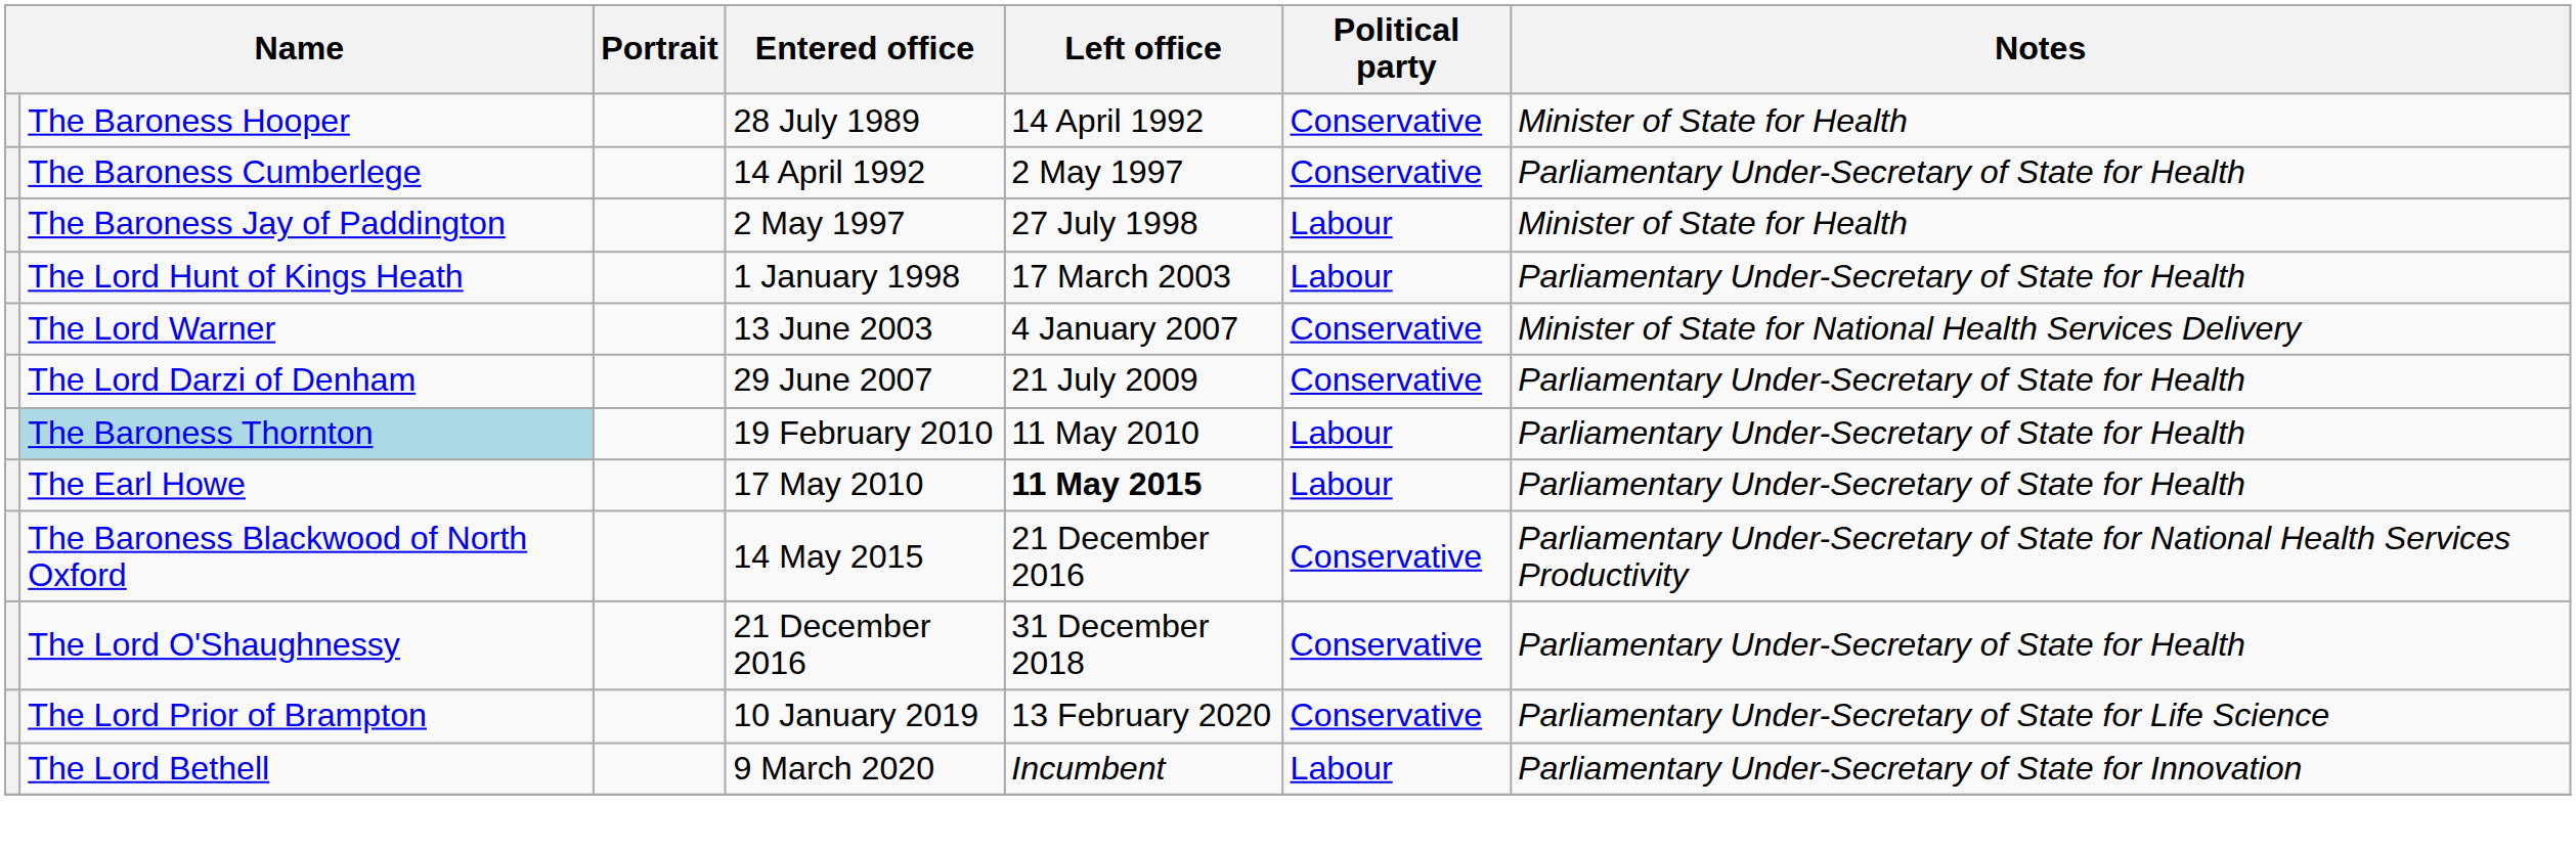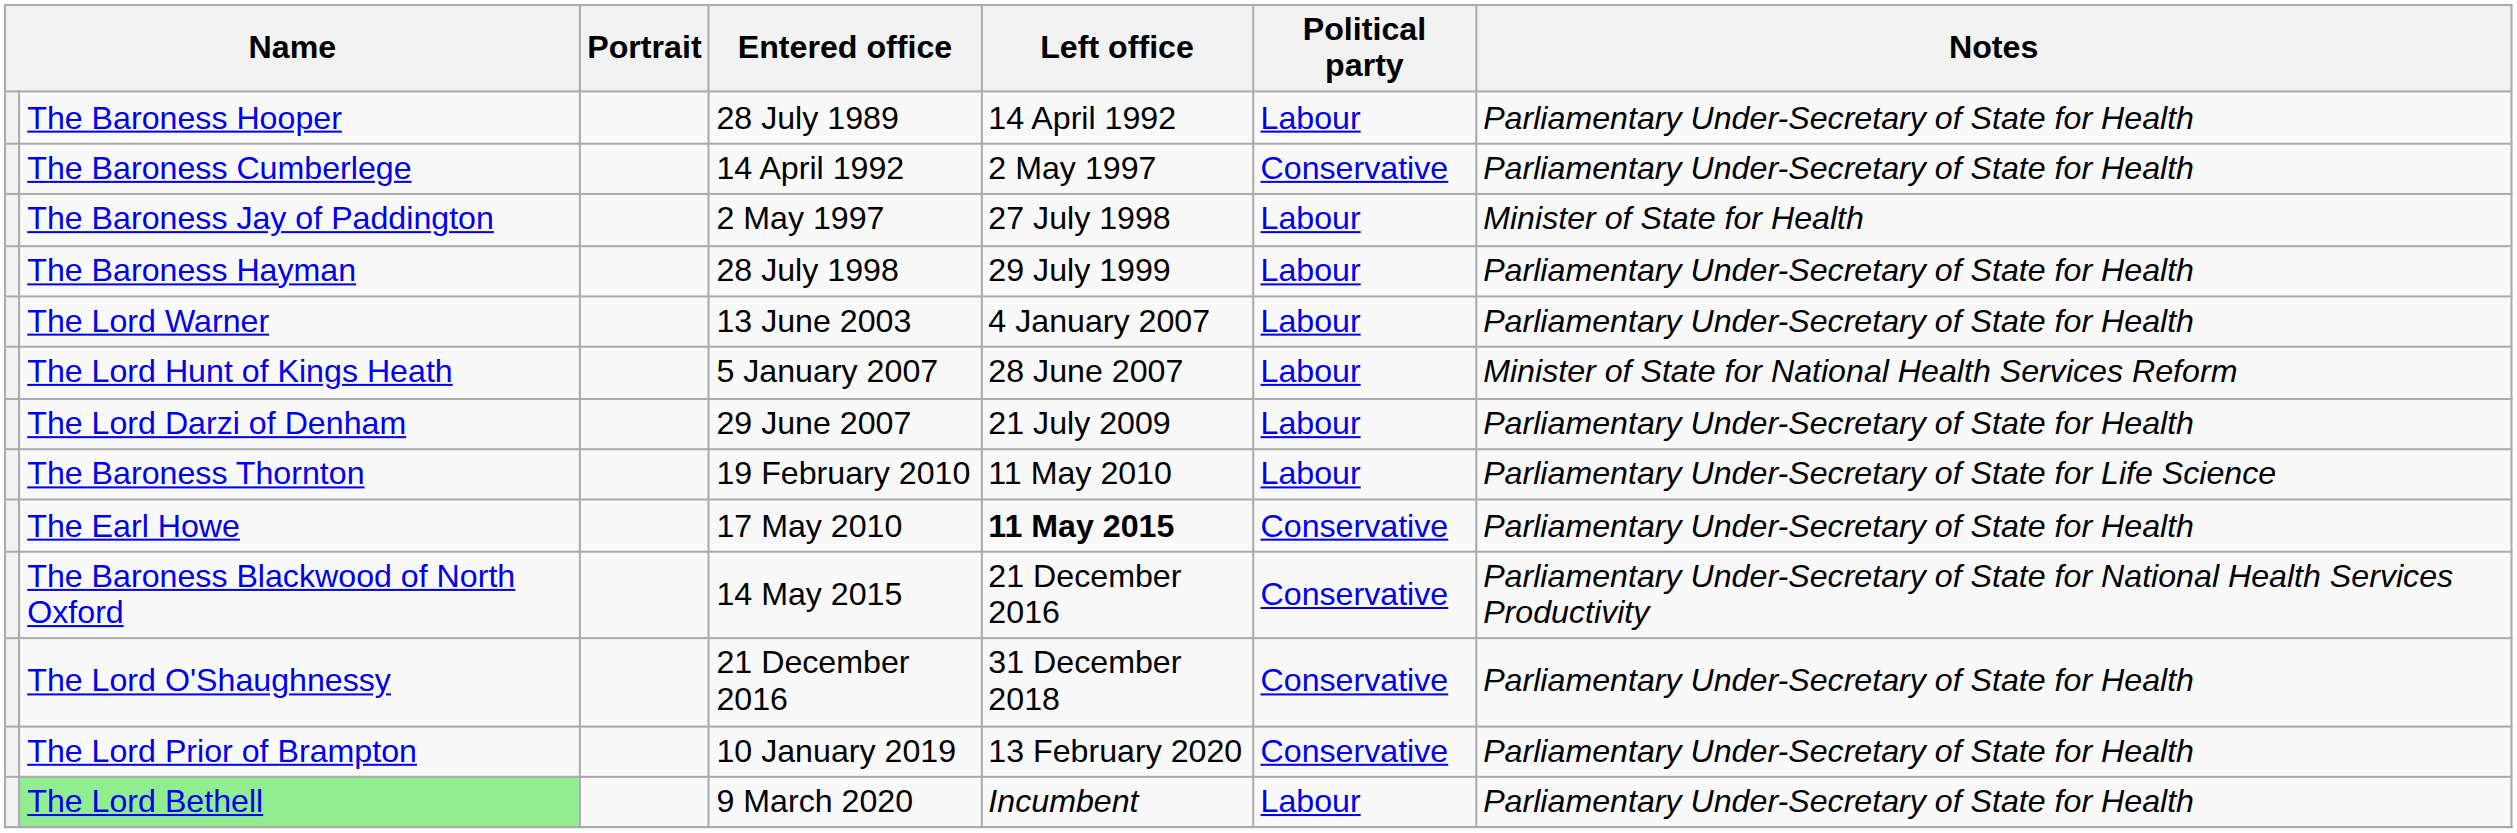 <table class="wikitable">
 <tr>
 <th colspan=2>Name</th>
 <th>Portrait</th>
 <th>Entered office</th>
 <th>Left office</th>
 <th>Political party</th>
 <th>Notes</th>
 </tr>
 <tr>
 <th style="background-color: "></th>
 <td><a href='#'>The Baroness Hooper</a></td>
 <td></td>
 <td>28 July 1989</td>
 <td>14 April 1992</td>
-<td><a href='#'>Conservative</a></td>
-<td><em>Minister of State for Health</em></td>
+<td><a href='#'>Labour</a></td>
+<td><em>Parliamentary Under-Secretary of State for Health</em></td>
 </tr>
 <tr>
 <th style="background-color: "></th>
 <td><a href='#'>The Baroness Cumberlege</a></td>
 <td></td>
 <td>14 April 1992</td>
 <td>2 May 1997</td>
 <td><a href='#'>Conservative</a></td>
 <td><em>Parliamentary Under-Secretary of State for Health</em></td>
 </tr>
 <tr>
 <th style="background-color: "></th>
 <td><a href='#'>The Baroness Jay of Paddington</a></td>
 <td></td>
 <td>2 May 1997</td>
 <td>27 July 1998</td>
 <td><a href='#'>Labour</a></td>
 <td><em>Minister of State for Health</em></td>
 </tr>
 <tr>
 <th style="background-color: "></th>
-<td><a href='#'>The Lord Hunt of Kings Heath</a></td>
+<td><a href='#'>The Baroness Hayman</a></td>
 <td></td>
-<td>1 January 1998</td>
-<td>17 March 2003</td>
+<td>28 July 1998</td>
+<td>29 July 1999</td>
 <td><a href='#'>Labour</a></td>
 <td><em>Parliamentary Under-Secretary of State for Health</em></td>
 </tr>
 <tr>
 <th style="background-color: "></th>
 <td><a href='#'>The Lord Warner</a></td>
 <td></td>
 <td>13 June 2003</td>
 <td>4 January 2007</td>
-<td><a href='#'>Conservative</a></td>
-<td><em>Minister of State for National Health Services Delivery</em></td>
+<td><a href='#'>Labour</a></td>
+<td><em>Parliamentary Under-Secretary of State for Health</em></td>
+</tr>
+<tr>
+<th style="background-color: "></th>
+<td><a href='#'>The Lord Hunt of Kings Heath</a></td>
+<td></td>
+<td>5 January 2007</td>
+<td>28 June 2007</td>
+<td><a href='#'>Labour</a></td>
+<td><em>Minister of State for National Health Services Reform</em></td>
 </tr>
 <tr>
 <th style="background-color: "></th>
 <td><a href='#'>The Lord Darzi of Denham</a></td>
 <td></td>
 <td>29 June 2007</td>
 <td>21 July 2009</td>
-<td><a href='#'>Conservative</a></td>
+<td><a href='#'>Labour</a></td>
 <td><em>Parliamentary Under-Secretary of State for Health</em></td>
 </tr>
 <tr>
 <th style="background-color: "></th>
-<td style="background: lightblue;"><a href='#'>The Baroness Thornton</a></td>
+<td><a href='#'>The Baroness Thornton</a></td>
 <td></td>
 <td>19 February 2010</td>
 <td>11 May 2010</td>
 <td><a href='#'>Labour</a></td>
-<td><em>Parliamentary Under-Secretary of State for Health</em></td>
+<td><em>Parliamentary Under-Secretary of State for Life Science</em></td>
 </tr>
 <tr>
 <th style="background-color: "></th>
 <td><a href='#'>The Earl Howe</a></td>
 <td></td>
 <td>17 May 2010</td>
 <td><strong>11 May 2015</strong></td>
-<td><a href='#'>Labour</a></td>
+<td><a href='#'>Conservative</a></td>
 <td><em>Parliamentary Under-Secretary of State for Health</em></td>
 </tr>
 <tr>
 <th style="background-color: "></th>
 <td><a href='#'>The Baroness Blackwood of North Oxford</a></td>
 <td></td>
 <td>14 May 2015</td>
 <td>21 December 2016</td>
 <td><a href='#'>Conservative</a></td>
 <td><em>Parliamentary Under-Secretary of State for National Health Services Productivity</em></td>
 </tr>
 <tr>
 <th style="background-color: "></th>
 <td><a href='#'>The Lord O'Shaughnessy</a></td>
 <td></td>
 <td>21 December 2016</td>
 <td>31 December 2018</td>
 <td><a href='#'>Conservative</a></td>
 <td><em>Parliamentary Under-Secretary of State for Health</em></td>
 </tr>
 <tr>
 <th style="background-color: "></th>
 <td><a href='#'>The Lord Prior of Brampton</a></td>
 <td></td>
 <td>10 January 2019</td>
 <td>13 February 2020</td>
 <td><a href='#'>Conservative</a></td>
-<td><em>Parliamentary Under-Secretary of State for Life Science</em></td>
+<td><em>Parliamentary Under-Secretary of State for Health</em></td>
 </tr>
 <tr>
 <th style="background-color: "></th>
-<td><a href='#'>The Lord Bethell</a></td>
+<td style="background: lightgreen;"><a href='#'>The Lord Bethell</a></td>
 <td></td>
 <td>9 March 2020</td>
 <td><em>Incumbent</em></td>
 <td><a href='#'>Labour</a></td>
-<td><em>Parliamentary Under-Secretary of State for Innovation</em></td>
+<td><em>Parliamentary Under-Secretary of State for Health</em></td>
 </tr>
 <tr>
 </tr>
 </table>
